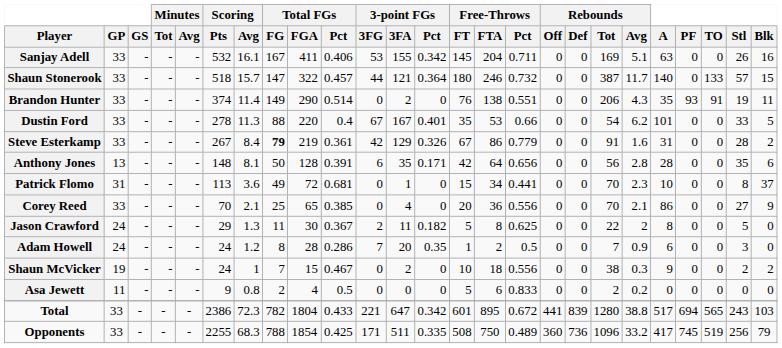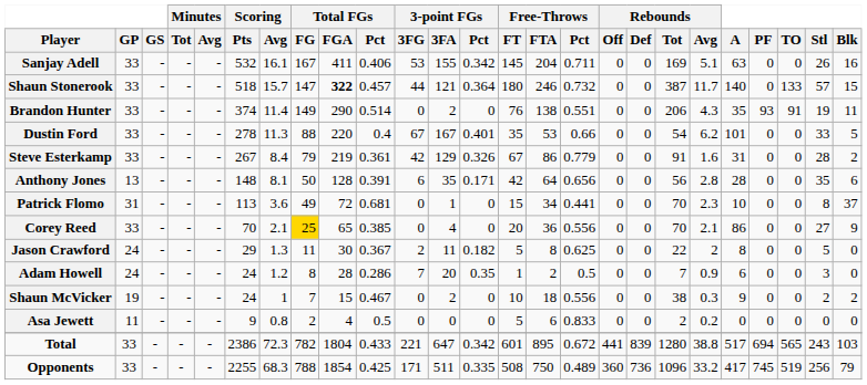 <table class="wikitable sortable" border="1" style="font-size:90%;">
 <tr>
 <th colspan="3" style="border-top-style:hidden; border-left-style:hidden; background: white;"></th>
 <th colspan="2" style=>Minutes</th>
 <th colspan="2" style=>Scoring</th>
 <th colspan="3" style=>Total FGs</th>
 <th colspan="3" style=>3-point FGs</th>
 <th colspan="3" style=>Free-Throws</th>
 <th colspan="4" style=>Rebounds</th>
 <th colspan="5" style="border-top-style:hidden; border-right-style:hidden; background: white;"></th>
 </tr>
 <tr>
 <th scope="col" style=>Player</th>
 <th scope="col" style=>GP</th>
 <th scope="col" style=>GS</th>
 <th scope="col" style=>Tot</th>
 <th scope="col" style=>Avg</th>
 <th scope="col" style=>Pts</th>
 <th scope="col" style=>Avg</th>
 <th scope="col" style=>FG</th>
 <th scope="col" style=>FGA</th>
 <th scope="col" style=>Pct</th>
 <th scope="col" style=>3FG</th>
 <th scope="col" style=>3FA</th>
 <th scope="col" style=>Pct</th>
 <th scope="col" style=>FT</th>
 <th scope="col" style=>FTA</th>
 <th scope="col" style=>Pct</th>
 <th scope="col" style=>Off</th>
 <th scope="col" style=>Def</th>
 <th scope="col" style=>Tot</th>
 <th scope="col" style=>Avg</th>
 <th scope="col" style=>A</th>
 <th scope="col" style=>PF</th>
 <th scope="col" style=>TO</th>
 <th scope="col" style=>Stl</th>
 <th scope="col" style=>Blk</th>
 </tr>
 <tr>
 <th>Sanjay Adell</th>
 <td align="right">33</td>
 <td align="right">-</td>
 <td align="right">-</td>
 <td align="right">-</td>
 <td align="right">532</td>
 <td align="right">16.1</td>
 <td align="right">167</td>
 <td align="right">411</td>
 <td align="right">0.406</td>
 <td align="right">53</td>
 <td align="right">155</td>
 <td align="right">0.342</td>
 <td align="right">145</td>
 <td align="right">204</td>
 <td align="right">0.711</td>
 <td align="right">0</td>
 <td align="right">0</td>
 <td align="right">169</td>
 <td align="right">5.1</td>
 <td align="right">63</td>
 <td align="right">0</td>
 <td align="right">0</td>
 <td align="right">26</td>
 <td align="right">16</td>
 </tr>
 <tr>
 <th>Shaun Stonerook</th>
 <td align="right">33</td>
 <td align="right">-</td>
 <td align="right">-</td>
 <td align="right">-</td>
 <td align="right">518</td>
 <td align="right">15.7</td>
 <td align="right">147</td>
-<td align="right">322</td>
+<td align="right"><strong>322</strong></td>
 <td align="right">0.457</td>
 <td align="right">44</td>
 <td align="right">121</td>
 <td align="right">0.364</td>
 <td align="right">180</td>
 <td align="right">246</td>
 <td align="right">0.732</td>
 <td align="right">0</td>
 <td align="right">0</td>
 <td align="right">387</td>
 <td align="right">11.7</td>
 <td align="right">140</td>
 <td align="right">0</td>
 <td align="right">133</td>
 <td align="right">57</td>
 <td align="right">15</td>
 </tr>
 <tr>
 <th>Brandon Hunter</th>
 <td align="right">33</td>
 <td align="right">-</td>
 <td align="right">-</td>
 <td align="right">-</td>
 <td align="right">374</td>
 <td align="right">11.4</td>
 <td align="right">149</td>
 <td align="right">290</td>
 <td align="right">0.514</td>
 <td align="right">0</td>
 <td align="right">2</td>
 <td align="right">0</td>
 <td align="right">76</td>
 <td align="right">138</td>
 <td align="right">0.551</td>
 <td align="right">0</td>
 <td align="right">0</td>
 <td align="right">206</td>
 <td align="right">4.3</td>
 <td align="right">35</td>
 <td align="right">93</td>
 <td align="right">91</td>
 <td align="right">19</td>
 <td align="right">11</td>
 </tr>
 <tr>
 <th>Dustin Ford</th>
 <td align="right">33</td>
 <td align="right">-</td>
 <td align="right">-</td>
 <td align="right">-</td>
 <td align="right">278</td>
 <td align="right">11.3</td>
 <td align="right">88</td>
 <td align="right">220</td>
 <td align="right">0.4</td>
 <td align="right">67</td>
 <td align="right">167</td>
 <td align="right">0.401</td>
 <td align="right">35</td>
 <td align="right">53</td>
 <td align="right">0.66</td>
 <td align="right">0</td>
 <td align="right">0</td>
 <td align="right">54</td>
 <td align="right">6.2</td>
 <td align="right">101</td>
 <td align="right">0</td>
 <td align="right">0</td>
 <td align="right">33</td>
 <td align="right">5</td>
 </tr>
 <tr>
 <th>Steve Esterkamp</th>
 <td align="right">33</td>
 <td align="right">-</td>
 <td align="right">-</td>
 <td align="right">-</td>
 <td align="right">267</td>
 <td align="right">8.4</td>
-<td align="right"><strong>79</strong></td>
+<td align="right">79</td>
 <td align="right">219</td>
 <td align="right">0.361</td>
 <td align="right">42</td>
 <td align="right">129</td>
 <td align="right">0.326</td>
 <td align="right">67</td>
 <td align="right">86</td>
 <td align="right">0.779</td>
 <td align="right">0</td>
 <td align="right">0</td>
 <td align="right">91</td>
 <td align="right">1.6</td>
 <td align="right">31</td>
 <td align="right">0</td>
 <td align="right">0</td>
 <td align="right">28</td>
 <td align="right">2</td>
 </tr>
 <tr>
 <th>Anthony Jones</th>
 <td align="right">13</td>
 <td align="right">-</td>
 <td align="right">-</td>
 <td align="right">-</td>
 <td align="right">148</td>
 <td align="right">8.1</td>
 <td align="right">50</td>
 <td align="right">128</td>
 <td align="right">0.391</td>
 <td align="right">6</td>
 <td align="right">35</td>
 <td align="right">0.171</td>
 <td align="right">42</td>
 <td align="right">64</td>
 <td align="right">0.656</td>
 <td align="right">0</td>
 <td align="right">0</td>
 <td align="right">56</td>
 <td align="right">2.8</td>
 <td align="right">28</td>
 <td align="right">0</td>
 <td align="right">0</td>
 <td align="right">35</td>
 <td align="right">6</td>
 </tr>
 <tr>
 <th>Patrick Flomo</th>
 <td align="right">31</td>
 <td align="right">-</td>
 <td align="right">-</td>
 <td align="right">-</td>
 <td align="right">113</td>
 <td align="right">3.6</td>
 <td align="right">49</td>
 <td align="right">72</td>
 <td align="right">0.681</td>
 <td align="right">0</td>
 <td align="right">1</td>
 <td align="right">0</td>
 <td align="right">15</td>
 <td align="right">34</td>
 <td align="right">0.441</td>
 <td align="right">0</td>
 <td align="right">0</td>
 <td align="right">70</td>
 <td align="right">2.3</td>
 <td align="right">10</td>
 <td align="right">0</td>
 <td align="right">0</td>
 <td align="right">8</td>
 <td align="right">37</td>
 </tr>
 <tr>
 <th>Corey Reed</th>
 <td align="right">33</td>
 <td align="right">-</td>
 <td align="right">-</td>
 <td align="right">-</td>
 <td align="right">70</td>
 <td align="right">2.1</td>
-<td align="right">25</td>
+<td align="right" style="background: gold;">25</td>
 <td align="right">65</td>
 <td align="right">0.385</td>
 <td align="right">0</td>
 <td align="right">4</td>
 <td align="right">0</td>
 <td align="right">20</td>
 <td align="right">36</td>
 <td align="right">0.556</td>
 <td align="right">0</td>
 <td align="right">0</td>
 <td align="right">70</td>
 <td align="right">2.1</td>
 <td align="right">86</td>
 <td align="right">0</td>
 <td align="right">0</td>
 <td align="right">27</td>
 <td align="right">9</td>
 </tr>
 <tr>
 <th>Jason Crawford</th>
 <td align="right">24</td>
 <td align="right">-</td>
 <td align="right">-</td>
 <td align="right">-</td>
 <td align="right">29</td>
 <td align="right">1.3</td>
 <td align="right">11</td>
 <td align="right">30</td>
 <td align="right">0.367</td>
 <td align="right">2</td>
 <td align="right">11</td>
 <td align="right">0.182</td>
 <td align="right">5</td>
 <td align="right">8</td>
 <td align="right">0.625</td>
 <td align="right">0</td>
 <td align="right">0</td>
 <td align="right">22</td>
 <td align="right">2</td>
 <td align="right">8</td>
 <td align="right">0</td>
 <td align="right">0</td>
 <td align="right">5</td>
 <td align="right">0</td>
 </tr>
 <tr>
 <th>Adam Howell</th>
 <td align="right">24</td>
 <td align="right">-</td>
 <td align="right">-</td>
 <td align="right">-</td>
 <td align="right">24</td>
 <td align="right">1.2</td>
 <td align="right">8</td>
 <td align="right">28</td>
 <td align="right">0.286</td>
 <td align="right">7</td>
 <td align="right">20</td>
 <td align="right">0.35</td>
 <td align="right">1</td>
 <td align="right">2</td>
 <td align="right">0.5</td>
 <td align="right">0</td>
 <td align="right">0</td>
 <td align="right">7</td>
 <td align="right">0.9</td>
 <td align="right">6</td>
 <td align="right">0</td>
 <td align="right">0</td>
 <td align="right">3</td>
 <td align="right">0</td>
 </tr>
 <tr>
 <th>Shaun McVicker</th>
 <td align="right">19</td>
 <td align="right">-</td>
 <td align="right">-</td>
 <td align="right">-</td>
 <td align="right">24</td>
 <td align="right">1</td>
 <td align="right">7</td>
 <td align="right">15</td>
 <td align="right">0.467</td>
 <td align="right">0</td>
 <td align="right">2</td>
 <td align="right">0</td>
 <td align="right">10</td>
 <td align="right">18</td>
 <td align="right">0.556</td>
 <td align="right">0</td>
 <td align="right">0</td>
 <td align="right">38</td>
 <td align="right">0.3</td>
 <td align="right">9</td>
 <td align="right">0</td>
 <td align="right">0</td>
 <td align="right">2</td>
 <td align="right">2</td>
 </tr>
 <tr>
 <th>Asa Jewett</th>
 <td align="right">11</td>
 <td align="right">-</td>
 <td align="right">-</td>
 <td align="right">-</td>
 <td align="right">9</td>
 <td align="right">0.8</td>
 <td align="right">2</td>
 <td align="right">4</td>
 <td align="right">0.5</td>
 <td align="right">0</td>
 <td align="right">0</td>
 <td align="right">0</td>
 <td align="right">5</td>
 <td align="right">6</td>
 <td align="right">0.833</td>
 <td align="right">0</td>
 <td align="right">0</td>
 <td align="right">2</td>
 <td align="right">0.2</td>
 <td align="right">0</td>
 <td align="right">0</td>
 <td align="right">0</td>
 <td align="right">0</td>
 <td align="right">0</td>
 </tr>
 <tr>
 </tr>
 <tr class="sortbottom">
 <td align="center" style=><strong>Total</strong></td>
 <td align="center" style=>33</td>
 <td align="center" style=>-</td>
 <td align="center" style=>-</td>
 <td align="center" style=>-</td>
 <td align="center" style=>2386</td>
 <td align="center" style=>72.3</td>
 <td align="center" style=>782</td>
 <td align="center" style=>1804</td>
 <td align="center" style=>0.433</td>
 <td align="center" style=>221</td>
 <td align="center" style=>647</td>
 <td align="center" style=>0.342</td>
 <td align="center" style=>601</td>
 <td align="center" style=>895</td>
 <td align="center" style=>0.672</td>
 <td align="center" style=>441</td>
 <td align="center" style=>839</td>
 <td align="center" style=>1280</td>
 <td align="center" style=>38.8</td>
 <td align="center" style=>517</td>
 <td align="center" style=>694</td>
 <td align="center" style=>565</td>
 <td align="center" style=>243</td>
 <td align="center" style=>103</td>
 </tr>
 <tr class="sortbottom">
 <td align="center"><strong>Opponents</strong></td>
 <td align="center">33</td>
 <td align="center">-</td>
 <td align="center">-</td>
 <td align="center">-</td>
 <td align="center">2255</td>
 <td align="center">68.3</td>
 <td align="center">788</td>
 <td align="center">1854</td>
 <td align="center">0.425</td>
 <td align="center">171</td>
 <td align="center">511</td>
 <td align="center">0.335</td>
 <td align="center">508</td>
 <td align="center">750</td>
 <td align="center">0.489</td>
 <td align="center">360</td>
 <td align="center">736</td>
 <td align="center">1096</td>
 <td align="center">33.2</td>
 <td align="center">417</td>
 <td align="center">745</td>
 <td align="center">519</td>
 <td align="center">256</td>
 <td align="center">79</td>
 </tr>
 </table>
